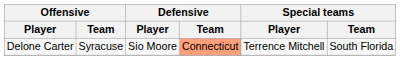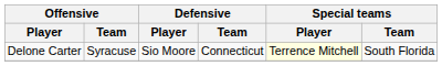 <table class="wikitable" border="1">
 <tr>
 <th colspan="2">Offensive</th>
 <th colspan="2">Defensive</th>
 <th colspan="2">Special teams</th>
 </tr>
 <tr>
 <th>Player</th>
 <th>Team</th>
 <th>Player</th>
 <th>Team</th>
 <th>Player</th>
 <th>Team</th>
 </tr>
 <tr>
 <td>Delone Carter</td>
 <td>Syracuse</td>
 <td>Sio Moore</td>
-<td style="background: lightsalmon;">Connecticut</td>
-<td>Terrence Mitchell</td>
+<td>Connecticut</td>
+<td style="background: lightyellow;">Terrence Mitchell</td>
 <td>South Florida</td>
 </tr>
 <tr>
 </tr>
 </table>
